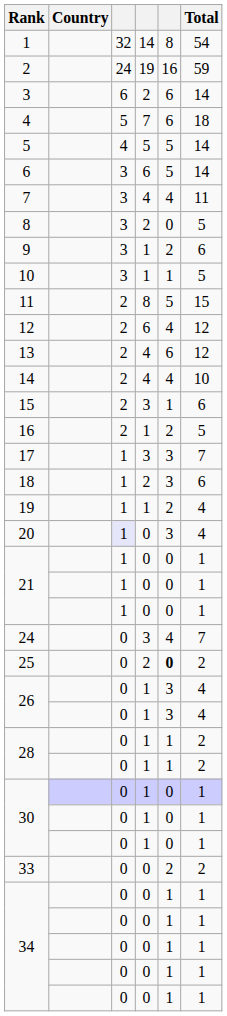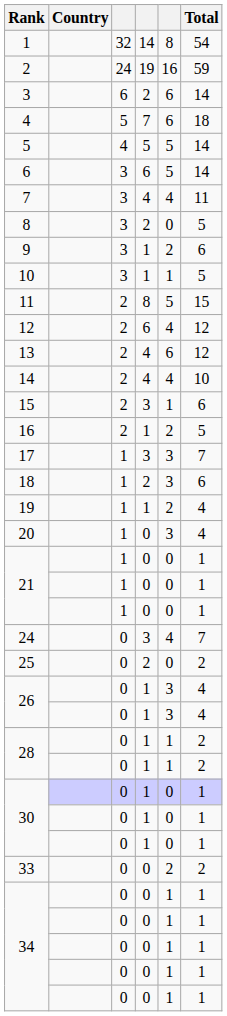 <table class="wikitable" style="text-align: center; font-size: 95%">
 <tr>
 <th>Rank</th>
 <th>Country</th>
 <th></th>
 <th></th>
 <th></th>
 <th>Total</th>
 </tr>
 <tr>
 <td>1</td>
 <td style="text-align: left"></td>
 <td>32</td>
 <td>14</td>
 <td>8</td>
 <td>54</td>
 </tr>
 <tr>
 <td>2</td>
 <td style="text-align: left"></td>
 <td>24</td>
 <td>19</td>
 <td>16</td>
 <td>59</td>
 </tr>
 <tr>
 <td>3</td>
 <td style="text-align: left"></td>
 <td>6</td>
 <td>2</td>
 <td>6</td>
 <td>14</td>
 </tr>
 <tr>
 <td>4</td>
 <td style="text-align: left"></td>
 <td>5</td>
 <td>7</td>
 <td>6</td>
 <td>18</td>
 </tr>
 <tr>
 <td>5</td>
 <td style="text-align: left"></td>
 <td>4</td>
 <td>5</td>
 <td>5</td>
 <td>14</td>
 </tr>
 <tr>
 <td>6</td>
 <td style="text-align: left"></td>
 <td>3</td>
 <td>6</td>
 <td>5</td>
 <td>14</td>
 </tr>
 <tr>
 <td>7</td>
 <td style="text-align: left"></td>
 <td>3</td>
 <td>4</td>
 <td>4</td>
 <td>11</td>
 </tr>
 <tr>
 <td>8</td>
 <td style="text-align: left"></td>
 <td>3</td>
 <td>2</td>
 <td>0</td>
 <td>5</td>
 </tr>
 <tr>
 <td>9</td>
 <td style="text-align: left"></td>
 <td>3</td>
 <td>1</td>
 <td>2</td>
 <td>6</td>
 </tr>
 <tr>
 <td>10</td>
 <td style="text-align: left"></td>
 <td>3</td>
 <td>1</td>
 <td>1</td>
 <td>5</td>
 </tr>
 <tr>
 <td>11</td>
 <td style="text-align: left"></td>
 <td>2</td>
 <td>8</td>
 <td>5</td>
 <td>15</td>
 </tr>
 <tr>
 <td>12</td>
 <td style="text-align: left"></td>
 <td>2</td>
 <td>6</td>
 <td>4</td>
 <td>12</td>
 </tr>
 <tr>
 <td>13</td>
 <td style="text-align: left"></td>
 <td>2</td>
 <td>4</td>
 <td>6</td>
 <td>12</td>
 </tr>
 <tr>
 <td>14</td>
 <td style="text-align: left"></td>
 <td>2</td>
 <td>4</td>
 <td>4</td>
 <td>10</td>
 </tr>
 <tr>
 <td>15</td>
 <td style="text-align: left"></td>
 <td>2</td>
 <td>3</td>
 <td>1</td>
 <td>6</td>
 </tr>
 <tr>
 <td>16</td>
 <td style="text-align: left"></td>
 <td>2</td>
 <td>1</td>
 <td>2</td>
 <td>5</td>
 </tr>
 <tr>
 <td>17</td>
 <td style="text-align: left"></td>
 <td>1</td>
 <td>3</td>
 <td>3</td>
 <td>7</td>
 </tr>
 <tr>
 <td>18</td>
 <td style="text-align: left"></td>
 <td>1</td>
 <td>2</td>
 <td>3</td>
 <td>6</td>
 </tr>
 <tr>
 <td>19</td>
 <td style="text-align: left"></td>
 <td>1</td>
 <td>1</td>
 <td>2</td>
 <td>4</td>
 </tr>
 <tr>
 <td>20</td>
 <td style="text-align: left"></td>
-<td style="background: lavender;">1</td>
+<td>1</td>
 <td>0</td>
 <td>3</td>
 <td>4</td>
 </tr>
 <tr>
 <td rowspan=3>21</td>
 <td style="text-align: left"></td>
 <td>1</td>
 <td>0</td>
 <td>0</td>
 <td>1</td>
 </tr>
 <tr>
 <td style="text-align: left"></td>
 <td>1</td>
 <td>0</td>
 <td>0</td>
 <td>1</td>
 </tr>
 <tr>
 <td style="text-align: left"></td>
 <td>1</td>
 <td>0</td>
 <td>0</td>
 <td>1</td>
 </tr>
 <tr>
 <td>24</td>
 <td style="text-align: left"></td>
 <td>0</td>
 <td>3</td>
 <td>4</td>
 <td>7</td>
 </tr>
 <tr>
 <td>25</td>
 <td style="text-align: left"></td>
 <td>0</td>
 <td>2</td>
-<td><strong>0</strong></td>
+<td>0</td>
 <td>2</td>
 </tr>
 <tr>
 <td rowspan=2>26</td>
 <td style="text-align: left"></td>
 <td>0</td>
 <td>1</td>
 <td>3</td>
 <td>4</td>
 </tr>
 <tr>
 <td style="text-align: left"></td>
 <td>0</td>
 <td>1</td>
 <td>3</td>
 <td>4</td>
 </tr>
 <tr>
 <td rowspan=2>28</td>
 <td style="text-align: left"></td>
 <td>0</td>
 <td>1</td>
 <td>1</td>
 <td>2</td>
 </tr>
 <tr>
 <td style="text-align: left"></td>
 <td>0</td>
 <td>1</td>
 <td>1</td>
 <td>2</td>
 </tr>
 <tr>
 <td rowspan=3>30</td>
 <td style="background: #ccccff; text-align: left"></td>
 <td style="background: #ccccff">0</td>
 <td style="background: #ccccff">1</td>
 <td style="background: #ccccff">0</td>
 <td style="background: #ccccff">1</td>
 </tr>
 <tr>
 <td style="text-align: left"></td>
 <td>0</td>
 <td>1</td>
 <td>0</td>
 <td>1</td>
 </tr>
 <tr>
 <td style="text-align: left"></td>
 <td>0</td>
 <td>1</td>
 <td>0</td>
 <td>1</td>
 </tr>
 <tr>
 <td>33</td>
 <td style="text-align: left"></td>
 <td>0</td>
 <td>0</td>
 <td>2</td>
 <td>2</td>
 </tr>
 <tr>
 <td rowspan=5>34</td>
 <td style="text-align: left"></td>
 <td>0</td>
 <td>0</td>
 <td>1</td>
 <td>1</td>
 </tr>
 <tr>
 <td style="text-align: left"></td>
 <td>0</td>
 <td>0</td>
 <td>1</td>
 <td>1</td>
 </tr>
 <tr>
 <td style="text-align: left"></td>
 <td>0</td>
 <td>0</td>
 <td>1</td>
 <td>1</td>
 </tr>
 <tr>
 <td style="text-align: left"></td>
 <td>0</td>
 <td>0</td>
 <td>1</td>
 <td>1</td>
 </tr>
 <tr>
 <td style="text-align: left"></td>
 <td>0</td>
 <td>0</td>
 <td>1</td>
 <td>1</td>
 </tr>
 </table>
